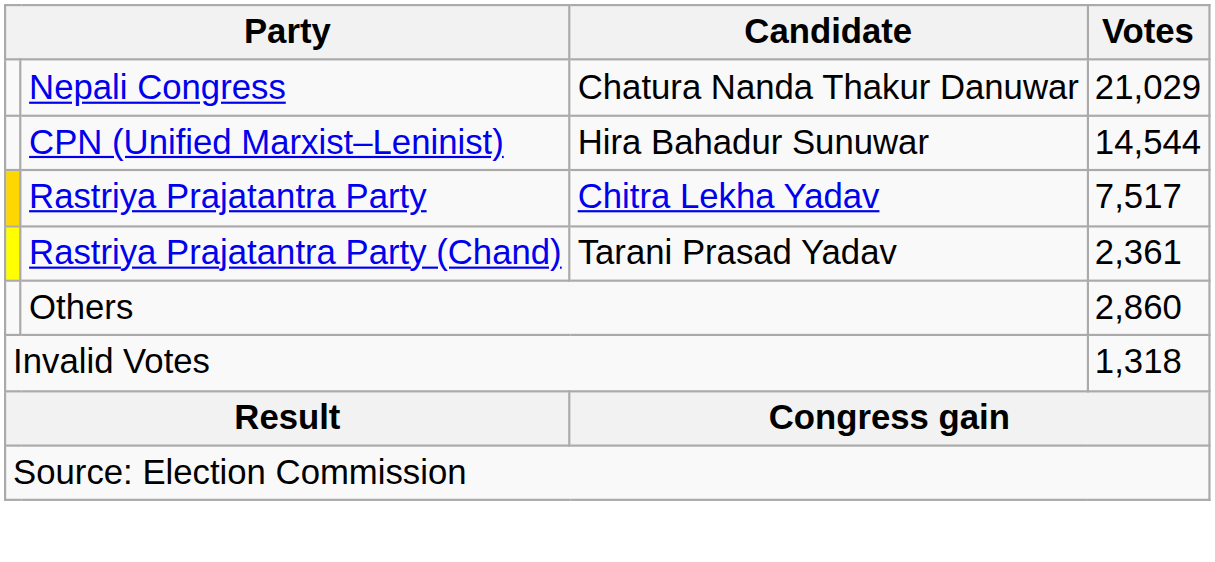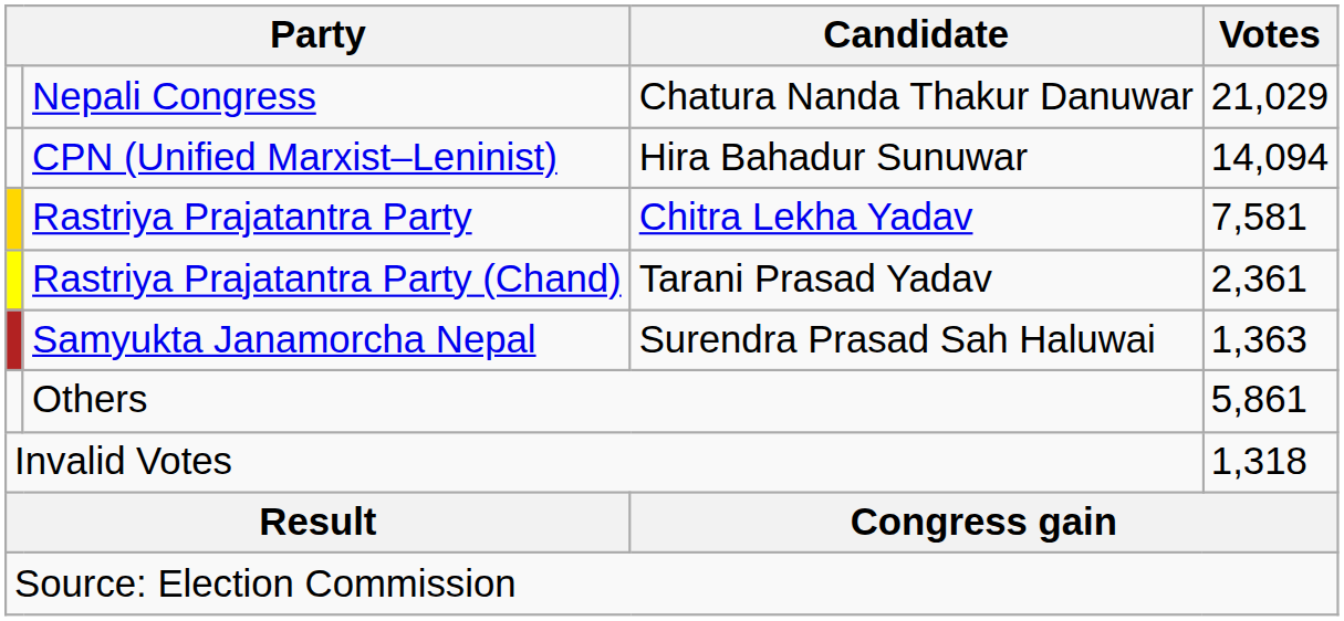 <table class="wikitable">
 <tr>
 <th colspan="2">Party</th>
 <th>Candidate</th>
 <th>Votes</th>
 </tr>
 <tr>
 <td style="background-color:"></td>
 <td><a href='#'>Nepali Congress</a></td>
 <td>Chatura Nanda Thakur Danuwar</td>
 <td>21,029</td>
 </tr>
 <tr>
 <td style="background-color:"></td>
 <td><a href='#'>CPN (Unified Marxist–Leninist)</a></td>
 <td>Hira Bahadur Sunuwar</td>
-<td>14,544</td>
+<td>14,094</td>
 </tr>
 <tr>
 <td style="background-color:gold"></td>
 <td><a href='#'>Rastriya Prajatantra Party</a></td>
 <td><a href='#'>Chitra Lekha Yadav</a></td>
-<td>7,517</td>
+<td>7,581</td>
 </tr>
 <tr>
 <td style="background-color:yellow"></td>
 <td><a href='#'>Rastriya Prajatantra Party (Chand)</a></td>
 <td>Tarani Prasad Yadav</td>
 <td>2,361</td>
 </tr>
 <tr>
+<td style="background-color:firebrick"></td>
+<td><a href='#'>Samyukta Janamorcha Nepal</a></td>
+<td>Surendra Prasad Sah Haluwai</td>
+<td>1,363</td>
+</tr>
+<tr>
 <td></td>
 <td colspan="2">Others</td>
-<td>2,860</td>
+<td>5,861</td>
 </tr>
 <tr>
 <td colspan="3">Invalid Votes</td>
 <td>1,318</td>
 </tr>
 <tr>
 <th colspan="2">Result</th>
 <th colspan="2">Congress gain</th>
 </tr>
 <tr>
 <td colspan="4">Source: Election Commission</td>
 </tr>
 </table>
